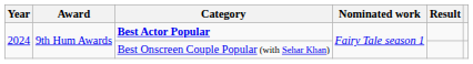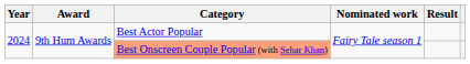 <table class="wikitable plainrowheaders">
 <tr style="text-align:center;">
 <th scope="col">Year</th>
 <th scope="col">Award</th>
 <th scope="col">Category</th>
 <th scope="col">Nominated work</th>
 <th scope="col">Result</th>
 <th></th>
 </tr>
 <tr>
 <td rowspan="2"><a href='#'>2024</a></td>
 <td rowspan="2"><a href='#'>9th Hum Awards</a></td>
-<td><strong><a href='#'>Best Actor Popular</a></strong></td>
+<td><a href='#'>Best Actor Popular</a></td>
 <td rowspan="2"><em><a href='#'>Fairy Tale season 1</a></em></td>
 <td></td>
 <td></td>
 </tr>
 <tr>
-<td><a href='#'>Best Onscreen Couple Popular</a><small> (with <a href='#'>Sehar Khan</a>)</small></td>
+<td style="background: lightsalmon;"><a href='#'>Best Onscreen Couple Popular</a><small> (with <a href='#'>Sehar Khan</a>)</small></td>
 <td></td>
 <td></td>
 </tr>
 </table>
